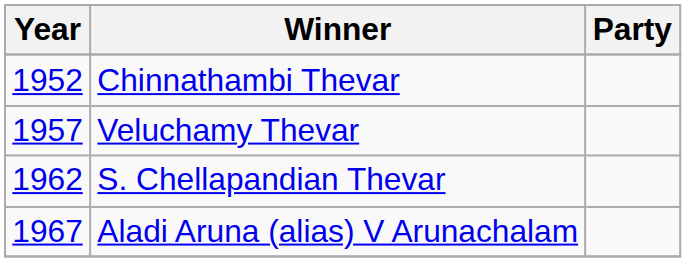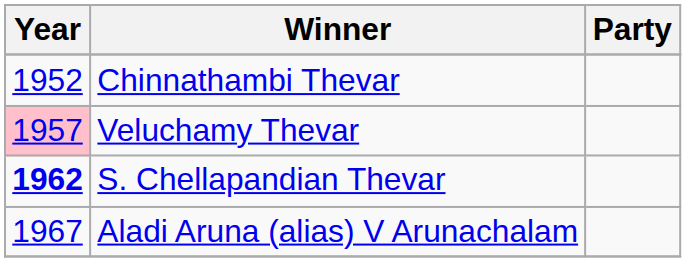 <table class="wikitable">
 <tr>
 <th>Year</th>
 <th>Winner</th>
 <th colspan="2">Party</th>
 </tr>
 <tr>
 </tr>
 <tr>
 <td><a href='#'>1952</a></td>
 <td><a href='#'>Chinnathambi Thevar</a></td>
 <td></td>
 </tr>
 <tr>
-<td><a href='#'>1957</a></td>
+<td style="background: pink;"><a href='#'>1957</a></td>
 <td><a href='#'>Veluchamy Thevar</a></td>
 <td></td>
 </tr>
 <tr>
-<td><a href='#'>1962</a></td>
+<td><strong><a href='#'>1962</a></strong></td>
 <td><a href='#'>S. Chellapandian Thevar</a></td>
 <td></td>
 </tr>
 <tr>
 <td><a href='#'>1967</a></td>
 <td><a href='#'>Aladi Aruna (alias) V Arunachalam</a></td>
 <td></td>
 </tr>
 <tr>
 </tr>
 </table>
